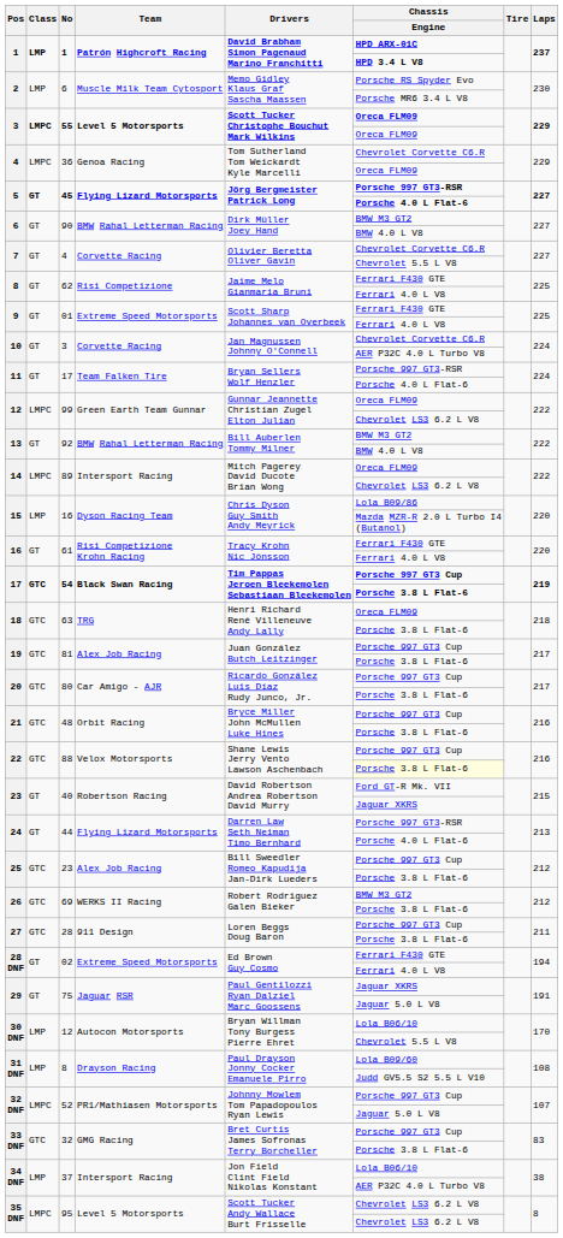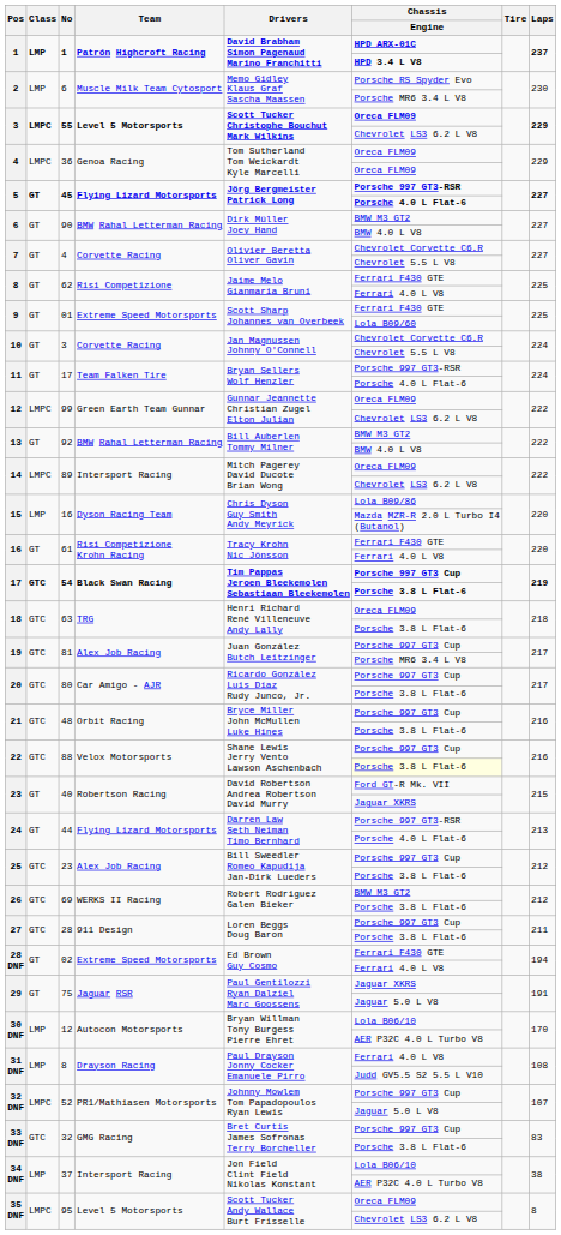 <table class="wikitable" style="font-size: 95%;">
 <tr>
 <th rowspan=2>Pos</th>
 <th rowspan=2>Class</th>
 <th rowspan=2>No</th>
 <th rowspan=2>Team</th>
 <th rowspan=2>Drivers</th>
 <th>Chassis</th>
 <th rowspan=2>Tire</th>
 <th rowspan=2>Laps</th>
 </tr>
 <tr>
 <th>Engine</th>
 </tr>
 <tr style="font-weight:bold">
 <th rowspan=2>1</th>
 <td rowspan=2>LMP</td>
 <td rowspan=2>1</td>
 <td rowspan=2> <a href='#'>Patrón</a> <a href='#'>Highcroft Racing</a></td>
 <td rowspan=2> <a href='#'>David Brabham</a><br> <a href='#'>Simon Pagenaud</a><br> <a href='#'>Marino Franchitti</a></td>
 <td><a href='#'>HPD ARX-01C</a></td>
 <td rowspan=2></td>
 <td rowspan=2>237</td>
 </tr>
 <tr style="font-weight:bold">
 <td><a href='#'>HPD</a> 3.4 L V8</td>
 </tr>
 <tr>
 <th rowspan=2>2</th>
 <td rowspan=2>LMP</td>
 <td rowspan=2>6</td>
 <td rowspan=2> <a href='#'>Muscle Milk Team Cytosport</a></td>
 <td rowspan=2> <a href='#'>Memo Gidley</a><br> <a href='#'>Klaus Graf</a><br> <a href='#'>Sascha Maassen</a></td>
 <td><a href='#'>Porsche RS Spyder</a> Evo</td>
 <td rowspan=2></td>
 <td rowspan=2>230</td>
 </tr>
 <tr>
 <td><a href='#'>Porsche</a> MR6 3.4 L V8</td>
 </tr>
 <tr style="font-weight:bold">
 <th rowspan=2>3</th>
 <td rowspan=2>LMPC</td>
 <td rowspan=2>55</td>
 <td rowspan=2> Level 5 Motorsports</td>
 <td rowspan=2> <a href='#'>Scott Tucker</a><br> <a href='#'>Christophe Bouchut</a><br> <a href='#'>Mark Wilkins</a></td>
 <td><a href='#'>Oreca FLM09</a></td>
 <td rowspan=2></td>
 <td rowspan=2>229</td>
 </tr>
 <tr>
-<td><a href='#'>Oreca FLM09</a></td>
+<td><a href='#'>Chevrolet</a> <a href='#'>LS3</a> 6.2 L V8</td>
 </tr>
 <tr>
 <th rowspan=2>4</th>
 <td rowspan=2>LMPC</td>
 <td rowspan=2>36</td>
 <td rowspan=2> Genoa Racing</td>
 <td rowspan=2> Tom Sutherland<br> Tom Weickardt<br> Kyle Marcelli</td>
-<td><a href='#'>Chevrolet Corvette C6.R</a></td>
+<td><a href='#'>Oreca FLM09</a></td>
 <td rowspan=2></td>
 <td rowspan=2>229</td>
 </tr>
 <tr>
 <td><a href='#'>Oreca FLM09</a></td>
 </tr>
 <tr style="font-weight:bold">
 <th rowspan=2>5</th>
 <td rowspan=2>GT</td>
 <td rowspan=2>45</td>
 <td rowspan=2> <a href='#'>Flying Lizard Motorsports</a></td>
 <td rowspan=2> <a href='#'>Jörg Bergmeister</a><br> <a href='#'>Patrick Long</a></td>
 <td><a href='#'>Porsche 997 GT3</a>-RSR</td>
 <td rowspan=2></td>
 <td rowspan=2>227</td>
 </tr>
 <tr style="font-weight:bold">
 <td><a href='#'>Porsche</a> 4.0 L Flat-6</td>
 </tr>
 <tr>
 <th rowspan=2>6</th>
 <td rowspan=2>GT</td>
 <td rowspan=2>90</td>
 <td rowspan=2> <a href='#'>BMW</a> <a href='#'>Rahal Letterman Racing</a></td>
 <td rowspan=2> <a href='#'>Dirk Müller</a><br> <a href='#'>Joey Hand</a></td>
 <td><a href='#'>BMW M3 GT2</a></td>
 <td rowspan=2></td>
 <td rowspan=2>227</td>
 </tr>
 <tr>
 <td><a href='#'>BMW</a> 4.0 L V8</td>
 </tr>
 <tr>
 <th rowspan=2>7</th>
 <td rowspan=2>GT</td>
 <td rowspan=2>4</td>
 <td rowspan=2> <a href='#'>Corvette Racing</a></td>
 <td rowspan=2> <a href='#'>Olivier Beretta</a><br> <a href='#'>Oliver Gavin</a></td>
 <td><a href='#'>Chevrolet Corvette C6.R</a></td>
 <td rowspan=2></td>
 <td rowspan=2>227</td>
 </tr>
 <tr>
 <td><a href='#'>Chevrolet</a> 5.5 L V8</td>
 </tr>
 <tr>
 <th rowspan=2>8</th>
 <td rowspan=2>GT</td>
 <td rowspan=2>62</td>
 <td rowspan=2> <a href='#'>Risi Competizione</a></td>
 <td rowspan=2> <a href='#'>Jaime Melo</a><br> <a href='#'>Gianmaria Bruni</a></td>
 <td><a href='#'>Ferrari F430</a> GTE</td>
 <td rowspan=2></td>
 <td rowspan=2>225</td>
 </tr>
 <tr>
 <td><a href='#'>Ferrari</a> 4.0 L V8</td>
 </tr>
 <tr>
 <th rowspan=2>9</th>
 <td rowspan=2>GT</td>
 <td rowspan=2>01</td>
 <td rowspan=2> <a href='#'>Extreme Speed Motorsports</a></td>
 <td rowspan=2> <a href='#'>Scott Sharp</a><br> <a href='#'>Johannes van Overbeek</a></td>
 <td><a href='#'>Ferrari F430</a> GTE</td>
 <td rowspan=2></td>
 <td rowspan=2>225</td>
 </tr>
 <tr>
-<td><a href='#'>Ferrari</a> 4.0 L V8</td>
+<td><a href='#'>Lola B09/60</a></td>
 </tr>
 <tr>
 <th rowspan=2>10</th>
 <td rowspan=2>GT</td>
 <td rowspan=2>3</td>
 <td rowspan=2> <a href='#'>Corvette Racing</a></td>
 <td rowspan=2> <a href='#'>Jan Magnussen</a><br> <a href='#'>Johnny O'Connell</a></td>
 <td><a href='#'>Chevrolet Corvette C6.R</a></td>
 <td rowspan=2></td>
 <td rowspan=2>224</td>
 </tr>
 <tr>
-<td><a href='#'>AER</a> P32C 4.0 L Turbo V8</td>
+<td><a href='#'>Chevrolet</a> 5.5 L V8</td>
 </tr>
 <tr>
 <th rowspan=2>11</th>
 <td rowspan=2>GT</td>
 <td rowspan=2>17</td>
 <td rowspan=2> <a href='#'>Team Falken Tire</a></td>
 <td rowspan=2> <a href='#'>Bryan Sellers</a><br> <a href='#'>Wolf Henzler</a></td>
 <td><a href='#'>Porsche 997 GT3</a>-RSR</td>
 <td rowspan=2></td>
 <td rowspan=2>224</td>
 </tr>
 <tr>
 <td><a href='#'>Porsche</a> 4.0 L Flat-6</td>
 </tr>
 <tr>
 <th rowspan=2>12</th>
 <td rowspan=2>LMPC</td>
 <td rowspan=2>99</td>
 <td rowspan=2> Green Earth Team Gunnar</td>
 <td rowspan=2> <a href='#'>Gunnar Jeannette</a><br> Christian Zugel<br> <a href='#'>Elton Julian</a></td>
 <td><a href='#'>Oreca FLM09</a></td>
 <td rowspan=2></td>
 <td rowspan=2>222</td>
 </tr>
 <tr>
 <td><a href='#'>Chevrolet</a> <a href='#'>LS3</a> 6.2 L V8</td>
 </tr>
 <tr>
 <th rowspan=2>13</th>
 <td rowspan=2>GT</td>
 <td rowspan=2>92</td>
 <td rowspan=2> <a href='#'>BMW</a> <a href='#'>Rahal Letterman Racing</a></td>
 <td rowspan=2> <a href='#'>Bill Auberlen</a><br> <a href='#'>Tommy Milner</a></td>
 <td><a href='#'>BMW M3 GT2</a></td>
 <td rowspan=2></td>
 <td rowspan=2>222</td>
 </tr>
 <tr>
 <td><a href='#'>BMW</a> 4.0 L V8</td>
 </tr>
 <tr>
 <th rowspan=2>14</th>
 <td rowspan=2>LMPC</td>
 <td rowspan=2>89</td>
 <td rowspan=2> Intersport Racing</td>
 <td rowspan=2> Mitch Pagerey<br> David Ducote<br> Brian Wong</td>
 <td><a href='#'>Oreca FLM09</a></td>
 <td rowspan=2></td>
 <td rowspan=2>222</td>
 </tr>
 <tr>
 <td><a href='#'>Chevrolet</a> <a href='#'>LS3</a> 6.2 L V8</td>
 </tr>
 <tr>
 <th rowspan=2>15</th>
 <td rowspan=2>LMP</td>
 <td rowspan=2>16</td>
 <td rowspan=2> <a href='#'>Dyson Racing Team</a></td>
 <td rowspan=2> <a href='#'>Chris Dyson</a><br> <a href='#'>Guy Smith</a><br> <a href='#'>Andy Meyrick</a></td>
 <td><a href='#'>Lola B09/86</a></td>
 <td rowspan=2></td>
 <td rowspan=2>220</td>
 </tr>
 <tr>
 <td><a href='#'>Mazda</a> <a href='#'>MZR-R</a> 2.0 L Turbo I4<br>(<a href='#'>Butanol</a>)</td>
 </tr>
 <tr>
 <th rowspan=2>16</th>
 <td rowspan=2>GT</td>
 <td rowspan=2>61</td>
 <td rowspan=2> <a href='#'>Risi Competizione</a><br> <a href='#'>Krohn Racing</a></td>
 <td rowspan=2> <a href='#'>Tracy Krohn</a><br> <a href='#'>Nic Jönsson</a></td>
 <td><a href='#'>Ferrari F430</a> GTE</td>
 <td rowspan=2></td>
 <td rowspan=2>220</td>
 </tr>
 <tr>
 <td><a href='#'>Ferrari</a> 4.0 L V8</td>
 </tr>
 <tr style="font-weight:bold">
 <th rowspan=2>17</th>
 <td rowspan=2>GTC</td>
 <td rowspan=2>54</td>
 <td rowspan=2> Black Swan Racing</td>
 <td rowspan=2> <a href='#'>Tim Pappas</a><br> <a href='#'>Jeroen Bleekemolen</a><br> <a href='#'>Sebastiaan Bleekemolen</a></td>
 <td><a href='#'>Porsche 997 GT3</a> Cup</td>
 <td rowspan=2></td>
 <td rowspan=2>219</td>
 </tr>
 <tr style="font-weight:bold">
 <td><a href='#'>Porsche</a> 3.8 L Flat-6</td>
 </tr>
 <tr>
 <th rowspan=2>18</th>
 <td rowspan=2>GTC</td>
 <td rowspan=2>63</td>
 <td rowspan=2> <a href='#'>TRG</a></td>
 <td rowspan=2> Henri Richard<br> René Villeneuve<br> <a href='#'>Andy Lally</a></td>
 <td><a href='#'>Oreca FLM09</a></td>
 <td rowspan=2></td>
 <td rowspan=2>218</td>
 </tr>
 <tr>
 <td><a href='#'>Porsche</a> 3.8 L Flat-6</td>
 </tr>
 <tr>
 <th rowspan=2>19</th>
 <td rowspan=2>GTC</td>
 <td rowspan=2>81</td>
 <td rowspan=2> <a href='#'>Alex Job Racing</a></td>
 <td rowspan=2> Juan González<br> <a href='#'>Butch Leitzinger</a></td>
 <td><a href='#'>Porsche 997 GT3</a> Cup</td>
 <td rowspan=2></td>
 <td rowspan=2>217</td>
 </tr>
 <tr>
-<td><a href='#'>Porsche</a> 3.8 L Flat-6</td>
+<td><a href='#'>Porsche</a> MR6 3.4 L V8</td>
 </tr>
 <tr>
 <th rowspan=2>20</th>
 <td rowspan=2>GTC</td>
 <td rowspan=2>80</td>
 <td rowspan=2> Car Amigo - <a href='#'>AJR</a></td>
 <td rowspan=2> <a href='#'>Ricardo González</a><br> <a href='#'>Luis Díaz</a><br> Rudy Junco, Jr.</td>
 <td><a href='#'>Porsche 997 GT3</a> Cup</td>
 <td rowspan=2></td>
 <td rowspan=2>217</td>
 </tr>
 <tr>
 <td><a href='#'>Porsche</a> 3.8 L Flat-6</td>
 </tr>
 <tr>
 <th rowspan=2>21</th>
 <td rowspan=2>GTC</td>
 <td rowspan=2>48</td>
 <td rowspan=2> Orbit Racing</td>
 <td rowspan=2> <a href='#'>Bryce Miller</a><br> John McMullen<br> <a href='#'>Luke Hines</a></td>
 <td><a href='#'>Porsche 997 GT3</a> Cup</td>
 <td rowspan=2></td>
 <td rowspan=2>216</td>
 </tr>
 <tr>
 <td><a href='#'>Porsche</a> 3.8 L Flat-6</td>
 </tr>
 <tr>
 <th rowspan=2>22</th>
 <td rowspan=2>GTC</td>
 <td rowspan=2>88</td>
 <td rowspan=2> Velox Motorsports</td>
 <td rowspan=2> Shane Lewis<br> Jerry Vento<br> Lawson Aschenbach</td>
 <td><a href='#'>Porsche 997 GT3</a> Cup</td>
 <td rowspan=2></td>
 <td rowspan=2>216</td>
 </tr>
 <tr>
 <td style="background: lightyellow;"><a href='#'>Porsche</a> 3.8 L Flat-6</td>
 </tr>
 <tr>
 <th rowspan=2>23</th>
 <td rowspan=2>GT</td>
 <td rowspan=2>40</td>
 <td rowspan=2> Robertson Racing</td>
 <td rowspan=2> David Robertson<br> Andrea Robertson<br> David Murry</td>
 <td><a href='#'>Ford GT</a>-R Mk. VII</td>
 <td rowspan=2></td>
 <td rowspan=2>215</td>
 </tr>
 <tr>
 <td><a href='#'>Jaguar XKRS</a></td>
 </tr>
 <tr>
 <th rowspan=2>24</th>
 <td rowspan=2>GT</td>
 <td rowspan=2>44</td>
 <td rowspan=2> <a href='#'>Flying Lizard Motorsports</a></td>
 <td rowspan=2> <a href='#'>Darren Law</a><br> <a href='#'>Seth Neiman</a><br> <a href='#'>Timo Bernhard</a></td>
 <td><a href='#'>Porsche 997 GT3</a>-RSR</td>
 <td rowspan=2></td>
 <td rowspan=2>213</td>
 </tr>
 <tr>
 <td><a href='#'>Porsche</a> 4.0 L Flat-6</td>
 </tr>
 <tr>
 <th rowspan=2>25</th>
 <td rowspan=2>GTC</td>
 <td rowspan=2>23</td>
 <td rowspan=2> <a href='#'>Alex Job Racing</a></td>
 <td rowspan=2> Bill Sweedler<br> <a href='#'>Romeo Kapudija</a><br> Jan-Dirk Lueders</td>
 <td><a href='#'>Porsche 997 GT3</a> Cup</td>
 <td rowspan=2></td>
 <td rowspan=2>212</td>
 </tr>
 <tr>
 <td><a href='#'>Porsche</a> 3.8 L Flat-6</td>
 </tr>
 <tr>
 <th rowspan=2>26</th>
 <td rowspan=2>GTC</td>
 <td rowspan=2>69</td>
 <td rowspan=2> WERKS II Racing</td>
 <td rowspan=2> Robert Rodriguez<br> Galen Bieker</td>
 <td><a href='#'>BMW M3 GT2</a></td>
 <td rowspan=2></td>
 <td rowspan=2>212</td>
 </tr>
 <tr>
 <td><a href='#'>Porsche</a> 3.8 L Flat-6</td>
 </tr>
 <tr>
 <th rowspan=2>27</th>
 <td rowspan=2>GTC</td>
 <td rowspan=2>28</td>
 <td rowspan=2> 911 Design</td>
 <td rowspan=2> Loren Beggs<br> Doug Baron</td>
 <td><a href='#'>Porsche 997 GT3</a> Cup</td>
 <td rowspan=2></td>
 <td rowspan=2>211</td>
 </tr>
 <tr>
 <td><a href='#'>Porsche</a> 3.8 L Flat-6</td>
 </tr>
 <tr>
 <th rowspan=2>28<br>DNF</th>
 <td rowspan=2>GT</td>
 <td rowspan=2>02</td>
 <td rowspan=2> <a href='#'>Extreme Speed Motorsports</a></td>
 <td rowspan=2> Ed Brown<br> <a href='#'>Guy Cosmo</a></td>
 <td><a href='#'>Ferrari F430</a> GTE</td>
 <td rowspan=2></td>
 <td rowspan=2>194</td>
 </tr>
 <tr>
 <td><a href='#'>Ferrari</a> 4.0 L V8</td>
 </tr>
 <tr>
 <th rowspan=2>29</th>
 <td rowspan=2>GT</td>
 <td rowspan=2>75</td>
 <td rowspan=2> <a href='#'>Jaguar</a> <a href='#'>RSR</a></td>
 <td rowspan=2> <a href='#'>Paul Gentilozzi</a><br> <a href='#'>Ryan Dalziel</a><br> <a href='#'>Marc Goossens</a></td>
 <td><a href='#'>Jaguar XKRS</a></td>
 <td rowspan=2></td>
 <td rowspan=2>191</td>
 </tr>
 <tr>
 <td><a href='#'>Jaguar</a> 5.0 L V8</td>
 </tr>
 <tr>
 <th rowspan=2>30<br>DNF</th>
 <td rowspan=2>LMP</td>
 <td rowspan=2>12</td>
 <td rowspan=2> Autocon Motorsports</td>
 <td rowspan=2> Bryan Willman<br> Tony Burgess<br> Pierre Ehret</td>
 <td><a href='#'>Lola B06/10</a></td>
 <td rowspan=2></td>
 <td rowspan=2>170</td>
 </tr>
 <tr>
-<td><a href='#'>Chevrolet</a> 5.5 L V8</td>
+<td><a href='#'>AER</a> P32C 4.0 L Turbo V8</td>
 </tr>
 <tr>
 <th rowspan=2>31<br>DNF</th>
 <td rowspan=2>LMP</td>
 <td rowspan=2>8</td>
 <td rowspan=2> <a href='#'>Drayson Racing</a></td>
 <td rowspan=2> <a href='#'>Paul Drayson</a><br> <a href='#'>Jonny Cocker</a><br> <a href='#'>Emanuele Pirro</a></td>
-<td><a href='#'>Lola B09/60</a></td>
+<td><a href='#'>Ferrari</a> 4.0 L V8</td>
 <td rowspan=2></td>
 <td rowspan=2>108</td>
 </tr>
 <tr>
 <td><a href='#'>Judd</a> GV5.5 S2 5.5 L V10</td>
 </tr>
 <tr>
 <th rowspan=2>32<br>DNF</th>
 <td rowspan=2>LMPC</td>
 <td rowspan=2>52</td>
 <td rowspan=2> PR1/Mathiasen Motorsports</td>
 <td rowspan=2> <a href='#'>Johnny Mowlem</a><br> Tom Papadopoulos<br> Ryan Lewis</td>
 <td><a href='#'>Porsche 997 GT3</a> Cup</td>
 <td rowspan=2></td>
 <td rowspan=2>107</td>
 </tr>
 <tr>
 <td><a href='#'>Jaguar</a> 5.0 L V8</td>
 </tr>
 <tr>
 <th rowspan=2>33<br>DNF</th>
 <td rowspan=2>GTC</td>
 <td rowspan=2>32</td>
 <td rowspan=2> GMG Racing</td>
 <td rowspan=2> <a href='#'>Bret Curtis</a><br> James Sofronas<br> <a href='#'>Terry Borcheller</a></td>
 <td><a href='#'>Porsche 997 GT3</a> Cup</td>
 <td rowspan=2></td>
 <td rowspan=2>83</td>
 </tr>
 <tr>
 <td><a href='#'>Porsche</a> 3.8 L Flat-6</td>
 </tr>
 <tr>
 <th rowspan=2>34<br>DNF</th>
 <td rowspan=2>LMP</td>
 <td rowspan=2>37</td>
 <td rowspan=2> Intersport Racing</td>
 <td rowspan=2> Jon Field<br> Clint Field<br> Nikolas Konstant</td>
 <td><a href='#'>Lola B06/10</a></td>
 <td rowspan=2></td>
 <td rowspan=2>38</td>
 </tr>
 <tr>
 <td><a href='#'>AER</a> P32C 4.0 L Turbo V8</td>
 </tr>
 <tr>
 <th rowspan=2>35<br>DNF</th>
 <td rowspan=2>LMPC</td>
 <td rowspan=2>95</td>
 <td rowspan=2> Level 5 Motorsports</td>
 <td rowspan=2> <a href='#'>Scott Tucker</a><br> <a href='#'>Andy Wallace</a><br> Burt Frisselle</td>
-<td><a href='#'>Chevrolet</a> <a href='#'>LS3</a> 6.2 L V8</td>
+<td><a href='#'>Oreca FLM09</a></td>
 <td rowspan=2></td>
 <td rowspan=2>8</td>
 </tr>
 <tr>
 <td><a href='#'>Chevrolet</a> <a href='#'>LS3</a> 6.2 L V8</td>
 </tr>
 </table>
